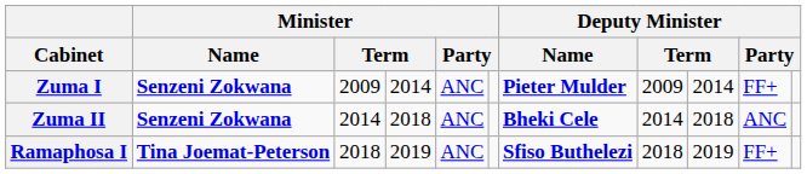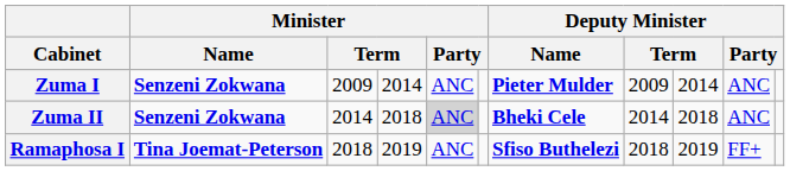 <table class="wikitable">
 <tr>
 <th></th>
 <th colspan="5">Minister</th>
 <th colspan="5">Deputy Minister</th>
 </tr>
 <tr>
 <th>Cabinet</th>
 <th>Name</th>
 <th colspan="2">Term</th>
 <th colspan="2">Party</th>
 <th>Name</th>
 <th colspan="2">Term</th>
 <th colspan="2">Party</th>
 </tr>
 <tr>
 <th><a href='#'>Zuma I</a></th>
 <td><strong><a href='#'>Senzeni Zokwana</a></strong></td>
 <td>2009</td>
 <td>2014</td>
 <td><a href='#'>ANC</a></td>
 <td style="background-color: "></td>
 <td><strong><a href='#'>Pieter Mulder</a></strong></td>
 <td>2009</td>
 <td>2014</td>
-<td><a href='#'>FF+</a></td>
+<td><a href='#'>ANC</a></td>
 <td style="background-color: "></td>
 </tr>
 <tr>
 <th><a href='#'>Zuma II</a></th>
 <td><strong><a href='#'>Senzeni Zokwana</a></strong></td>
 <td>2014</td>
 <td>2018</td>
-<td><a href='#'>ANC</a></td>
+<td style="background: lightgrey;"><a href='#'>ANC</a></td>
 <td style="background-color: "></td>
 <td><strong><a href='#'>Bheki Cele</a></strong></td>
 <td>2014</td>
 <td>2018</td>
 <td><a href='#'>ANC</a></td>
 <td style="background-color: "></td>
 </tr>
 <tr>
 <th><a href='#'>Ramaphosa I</a></th>
 <td><a href='#'><strong>Tina Joemat-Peterson</strong></a></td>
 <td>2018</td>
 <td>2019</td>
 <td><a href='#'>ANC</a></td>
 <td style="background-color: "></td>
 <td><strong><a href='#'>Sfiso Buthelezi</a></strong></td>
 <td>2018</td>
 <td>2019</td>
 <td><a href='#'>FF+</a></td>
 <td style="background-color: "></td>
 </tr>
 </table>
